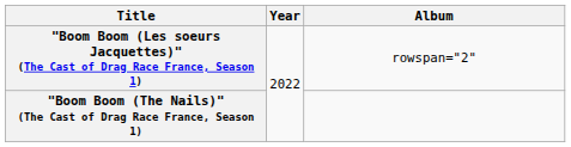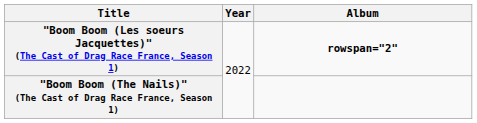 <table class="wikitable plainrowheaders" style="text-align:center;">
 <tr>
 <th style="width:20em;">Title</th>
 <th style="width:1em;">Year</th>
 <th style="width:20em;">Album</th>
 </tr>
 <tr>
 <th scope="row">"Boom Boom (Les soeurs Jacquettes)"<br><small>(<a href='#'>The Cast of Drag Race France, Season 1</a>)</small></th>
 <td rowspan="2">2022</td>
-<td>rowspan="2" </td>
+<td><strong>rowspan="2" </strong></td>
 </tr>
 <tr>
 <th scope="row">"Boom Boom (The Nails)"<br><small>(The Cast of Drag Race France, Season 1)</small></th>
 </tr>
 </table>
